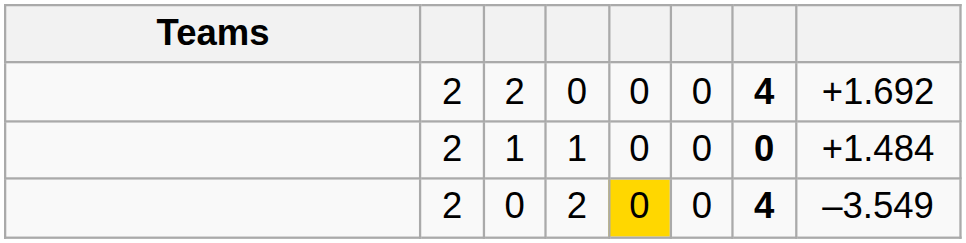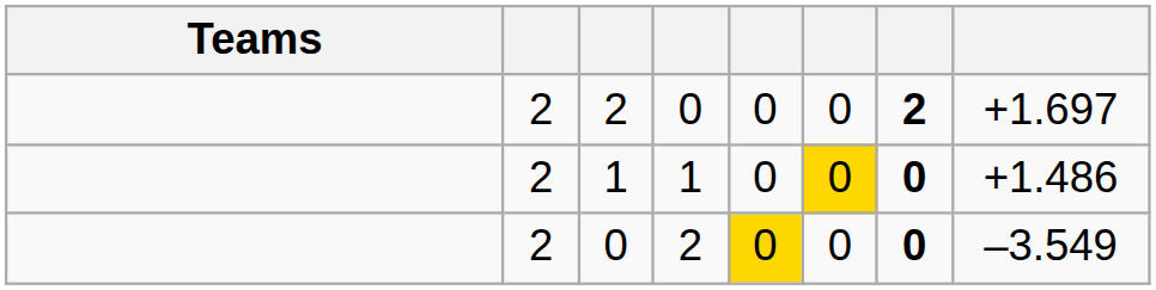 <table class="wikitable" style="text-align:center">
 <tr>
 <th style="width:175px;">Teams</th>
 <th style="width:20px;"></th>
 <th style="width:20px;"></th>
 <th style="width:20px;"></th>
 <th style="width:20px;"></th>
 <th style="width:20px;"></th>
 <th style="width:20px;"></th>
 <th style="width:65px;"></th>
 </tr>
 <tr>
 <td style="text-align:left"></td>
 <td>2</td>
 <td>2</td>
 <td>0</td>
 <td>0</td>
 <td>0</td>
-<td><strong>4</strong></td>
-<td>+1.692</td>
+<td><strong>2</strong></td>
+<td>+1.697</td>
 </tr>
 <tr>
 <td style="text-align:left"></td>
 <td>2</td>
 <td>1</td>
 <td>1</td>
 <td>0</td>
-<td>0</td>
+<td style="background: gold;">0</td>
 <td><strong>0</strong></td>
-<td>+1.484</td>
+<td>+1.486</td>
 </tr>
 <tr>
 <td style="text-align:left"></td>
 <td>2</td>
 <td>0</td>
 <td>2</td>
 <td style="background: gold;">0</td>
 <td>0</td>
-<td><strong>4</strong></td>
+<td><strong>0</strong></td>
 <td>–3.549</td>
 </tr>
 </table>
